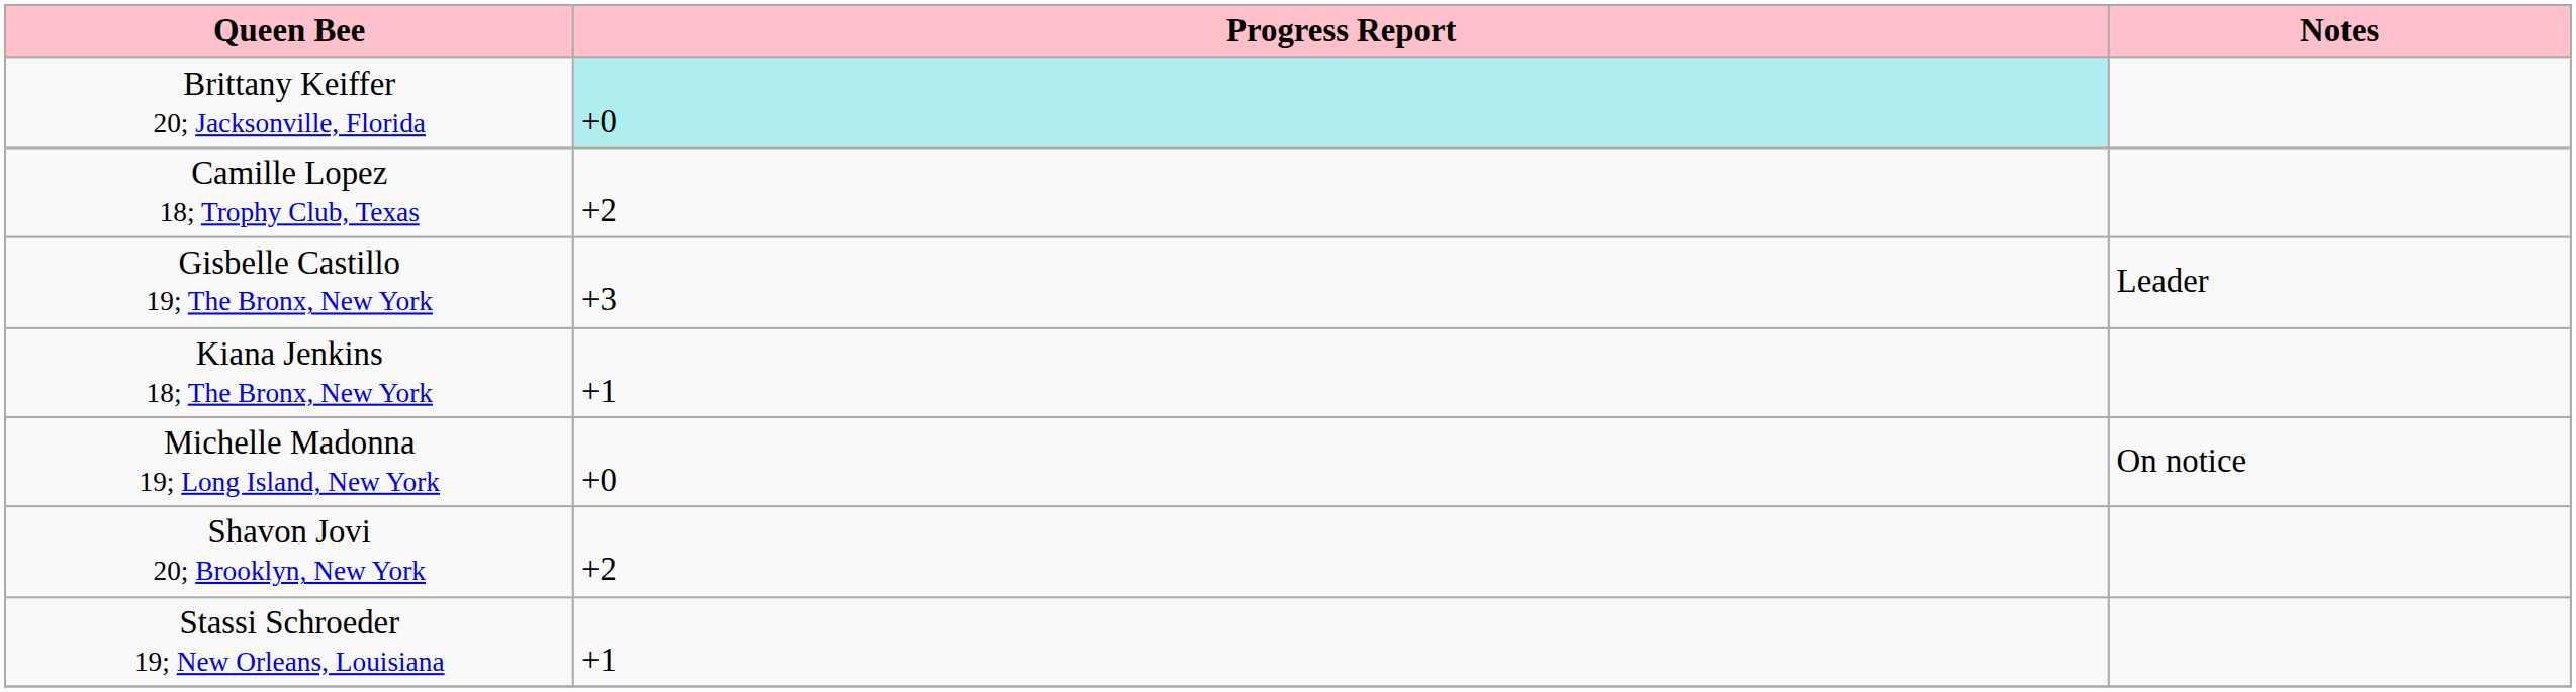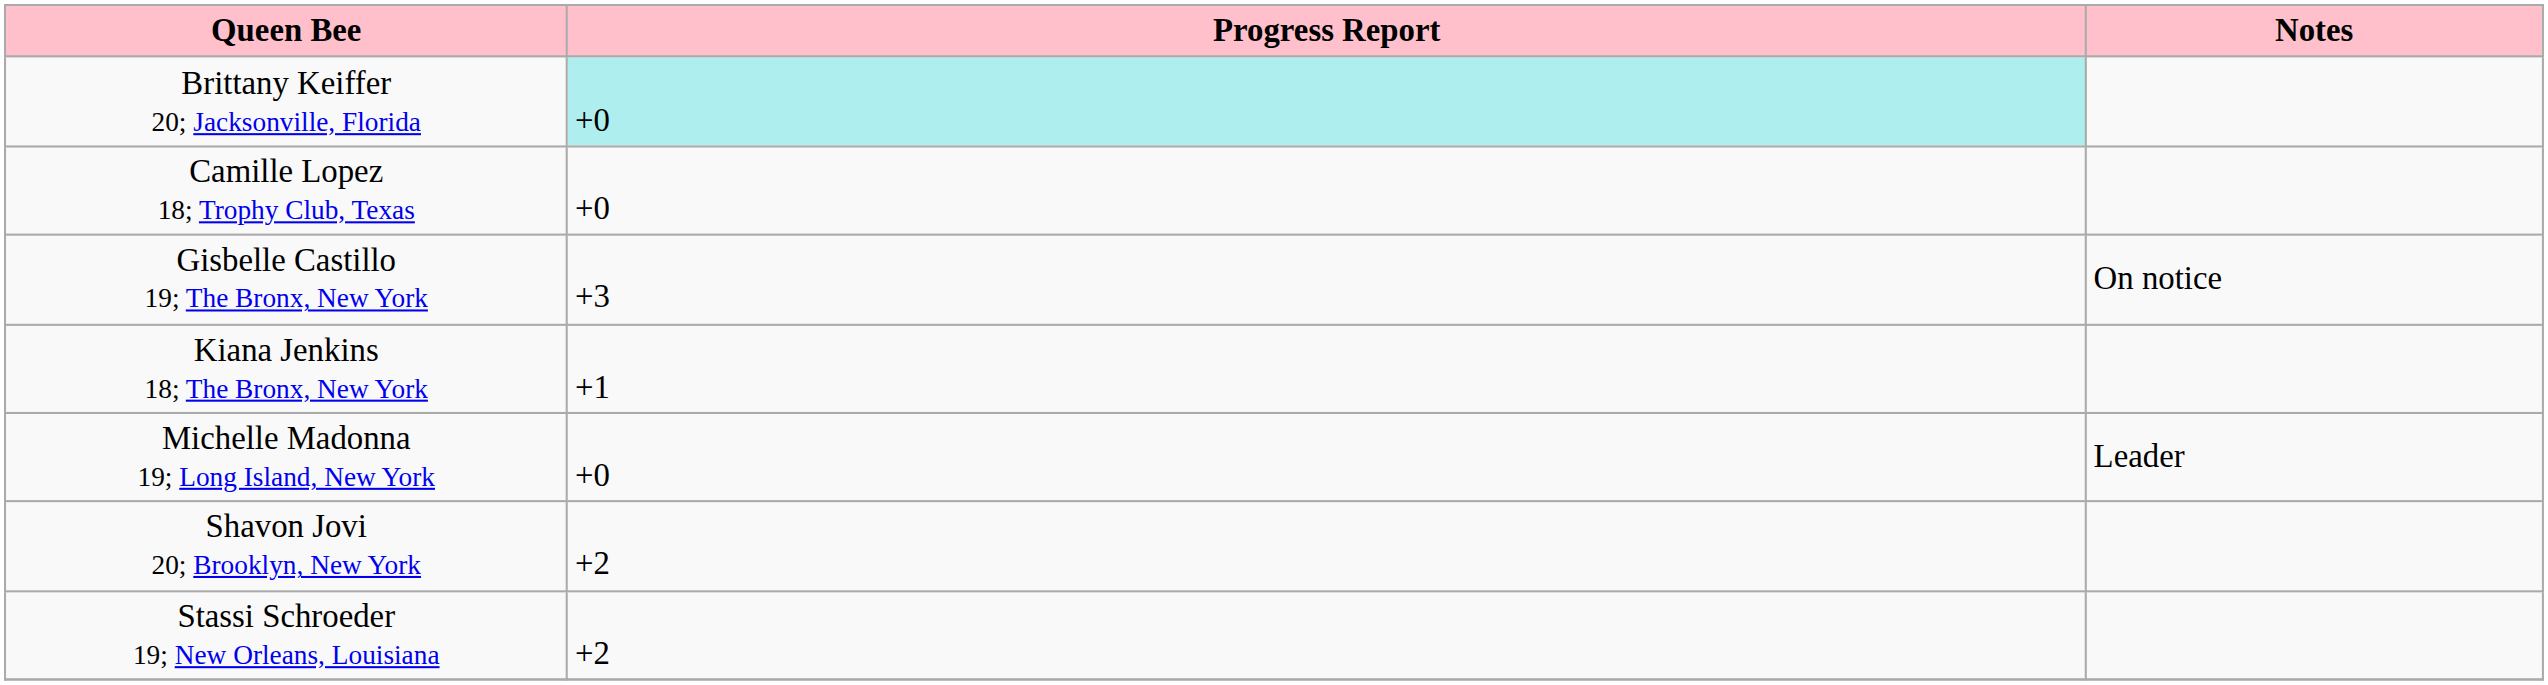 <table class="wikitable" width="98%">
 <tr>
 <th width="125" style="background:pink;">Queen Bee</th>
 <th width="350" style="background:pink;">Progress Report</th>
 <th width="100" style="background:pink;">Notes</th>
 </tr>
 <tr>
 <td style="text-align:center;">Brittany Keiffer<br><small>20; <a href='#'>Jacksonville, Florida</a></small></td>
 <td style="background: paleturquoise;"><br>   +0</td>
 <td></td>
 </tr>
 <tr>
 <td style="text-align:center;">Camille Lopez<br><small>18; <a href='#'>Trophy Club, Texas</a></small></td>
-<td><br>    +2</td>
+<td><br>    +0</td>
 <td></td>
 </tr>
 <tr>
 <td style="text-align:center;">Gisbelle Castillo<br><small>19; <a href='#'>The Bronx, New York</a></small></td>
 <td><br>     +3</td>
-<td>Leader</td>
+<td>On notice</td>
 </tr>
 <tr>
 <td style="text-align:center;">Kiana Jenkins<br><small>18; <a href='#'>The Bronx, New York</a></small></td>
 <td><br>   +1</td>
 <td></td>
 </tr>
 <tr>
 <td style="text-align:center;">Michelle Madonna<br><small>19; <a href='#'>Long Island, New York</a></small></td>
 <td><br>  +0</td>
-<td>On notice</td>
+<td>Leader</td>
 </tr>
 <tr>
 <td style="text-align:center;">Shavon Jovi<br><small>20; <a href='#'>Brooklyn, New York</a></small></td>
 <td><br>   +2</td>
 <td></td>
 </tr>
 <tr>
 <td style="text-align:center;">Stassi Schroeder<br><small>19; <a href='#'>New Orleans, Louisiana</a></small></td>
-<td><br>    +1</td>
+<td><br>    +2</td>
 <td></td>
 </tr>
 <tr>
 </tr>
 </table>
